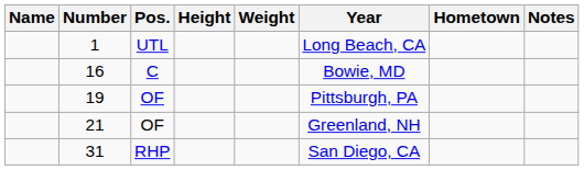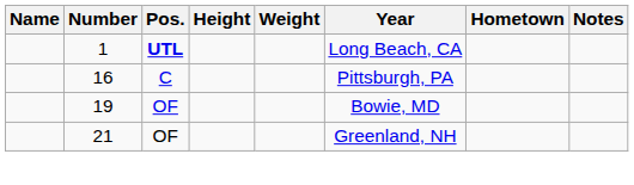 <table class="wikitable sortable sortable" style="text-align: center">
 <tr align=center>
 <th>Name</th>
 <th>Number</th>
 <th>Pos.</th>
 <th>Height</th>
 <th>Weight</th>
 <th>Year</th>
 <th>Hometown</th>
 <th>Notes</th>
 </tr>
 <tr>
 <td></td>
 <td>1</td>
-<td><a href='#'>UTL</a></td>
+<td><strong><a href='#'>UTL</a></strong></td>
 <td></td>
 <td></td>
 <td><a href='#'>Long Beach, CA</a></td>
 <td></td>
 <td></td>
 </tr>
 <tr>
 <td></td>
 <td>16</td>
 <td><a href='#'>C</a></td>
 <td></td>
 <td></td>
-<td><a href='#'>Bowie, MD</a></td>
+<td><a href='#'>Pittsburgh, PA</a></td>
 <td></td>
 <td></td>
 </tr>
 <tr>
 <td></td>
 <td>19</td>
 <td><a href='#'>OF</a></td>
 <td></td>
 <td></td>
-<td><a href='#'>Pittsburgh, PA</a></td>
+<td><a href='#'>Bowie, MD</a></td>
 <td></td>
 <td></td>
 </tr>
 <tr>
 <td></td>
 <td>21</td>
 <td>OF</td>
 <td></td>
 <td></td>
 <td><a href='#'>Greenland, NH</a></td>
 <td></td>
 <td></td>
 </tr>
-<tr>
-<td></td>
-<td>31</td>
-<td><a href='#'>RHP</a></td>
-<td></td>
-<td></td>
-<td><a href='#'>San Diego, CA</a></td>
-<td></td>
-<td></td>
-</tr>
 </table>
